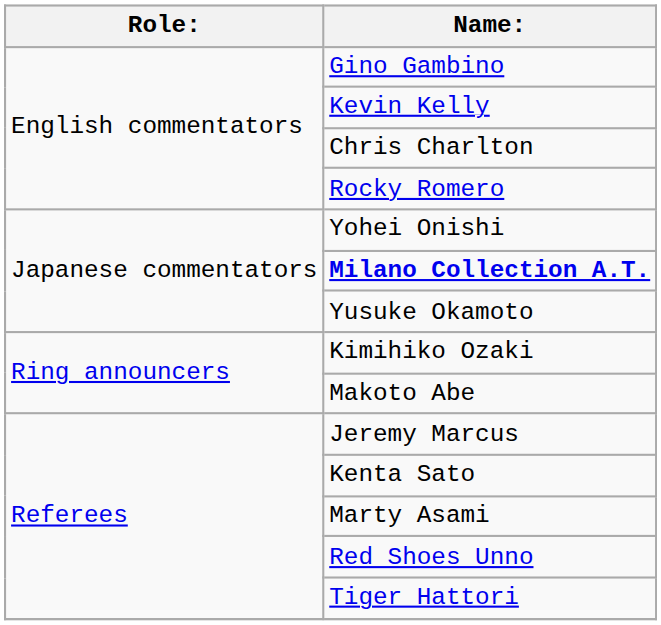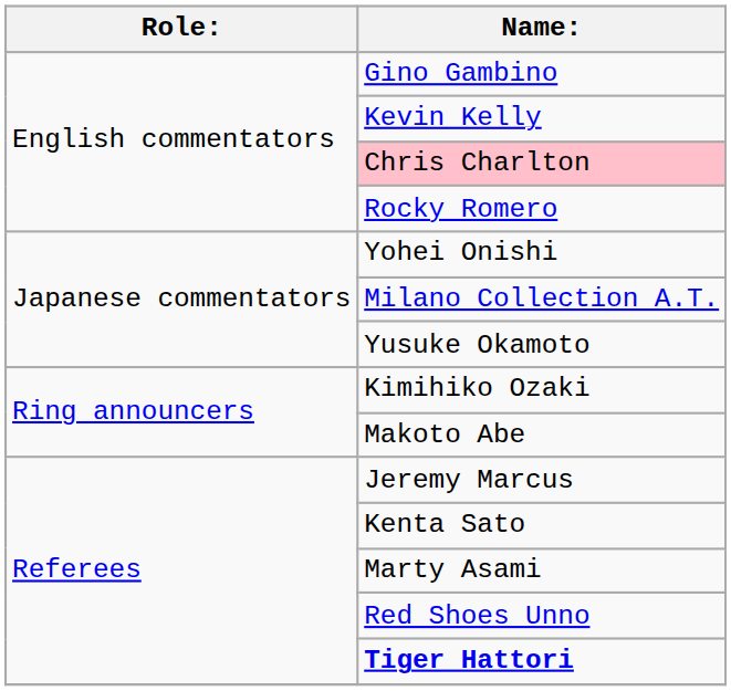 <table class=wikitable style="font-size:90%; margin: 0.5em 0 0.5em 1em; float: right; clear: right;">
 <tr>
 <th>Role:</th>
 <th>Name:</th>
 </tr>
 <tr>
 <td rowspan=4>English commentators</td>
 <td><a href='#'>Gino Gambino</a></td>
 </tr>
 <tr>
 <td><a href='#'>Kevin Kelly</a></td>
 </tr>
 <tr>
-<td>Chris Charlton</td>
+<td style="background: pink;">Chris Charlton</td>
 </tr>
 <tr>
 <td><a href='#'>Rocky Romero</a></td>
 </tr>
 <tr>
 <td rowspan=3>Japanese commentators</td>
 <td>Yohei Onishi</td>
 </tr>
 <tr>
-<td><strong><a href='#'>Milano Collection A.T.</a></strong></td>
+<td><a href='#'>Milano Collection A.T.</a></td>
 </tr>
 <tr>
 <td>Yusuke Okamoto</td>
 </tr>
 <tr>
 <td rowspan=2><a href='#'>Ring announcers</a></td>
 <td>Kimihiko Ozaki</td>
 </tr>
 <tr>
 <td>Makoto Abe</td>
 </tr>
 <tr>
 <td rowspan=5><a href='#'>Referees</a></td>
 <td>Jeremy Marcus</td>
 </tr>
 <tr>
 <td>Kenta Sato</td>
 </tr>
 <tr>
 <td>Marty Asami</td>
 </tr>
 <tr>
 <td><a href='#'>Red Shoes Unno</a></td>
 </tr>
 <tr>
-<td><a href='#'>Tiger Hattori</a></td>
+<td><strong><a href='#'>Tiger Hattori</a></strong></td>
 </tr>
 <tr>
 </tr>
 </table>
